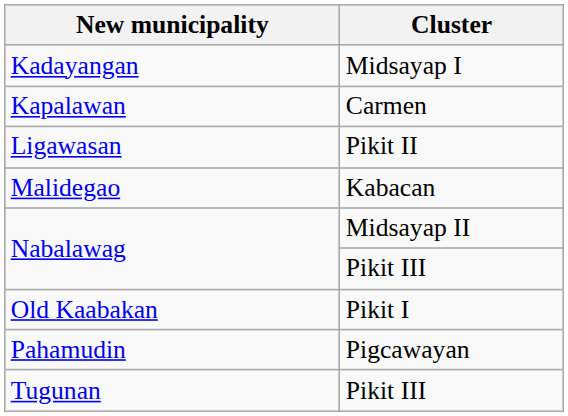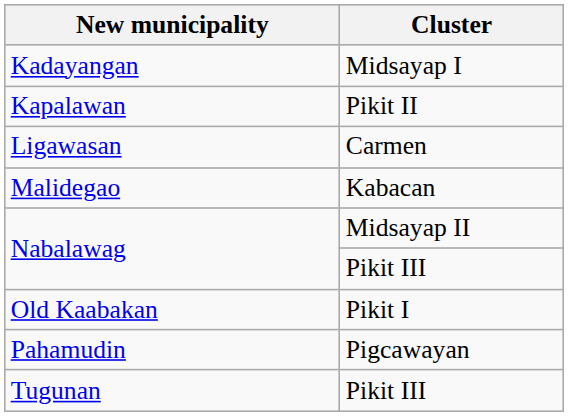 <table class="wikitable sortable" style="width:350px; text-align:left;">
 <tr>
 <th>New municipality</th>
 <th>Cluster</th>
 </tr>
 <tr>
 <td><a href='#'>Kadayangan</a></td>
 <td>Midsayap I</td>
 </tr>
 <tr>
 <td><a href='#'>Kapalawan</a></td>
-<td>Carmen</td>
+<td>Pikit II</td>
 </tr>
 <tr>
 <td><a href='#'>Ligawasan</a></td>
-<td>Pikit II</td>
+<td>Carmen</td>
 </tr>
 <tr>
 <td><a href='#'>Malidegao</a></td>
 <td>Kabacan</td>
 </tr>
 <tr>
 <td rowspan=2><a href='#'>Nabalawag</a></td>
 <td>Midsayap II</td>
 </tr>
 <tr>
 <td>Pikit III</td>
 </tr>
 <tr>
 <td><a href='#'>Old Kaabakan</a></td>
 <td>Pikit I</td>
 </tr>
 <tr>
 <td><a href='#'>Pahamudin</a></td>
 <td>Pigcawayan</td>
 </tr>
 <tr>
 <td><a href='#'>Tugunan</a></td>
 <td>Pikit III</td>
 </tr>
 </table>
